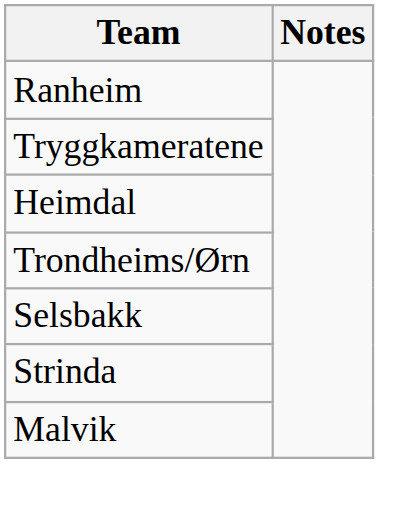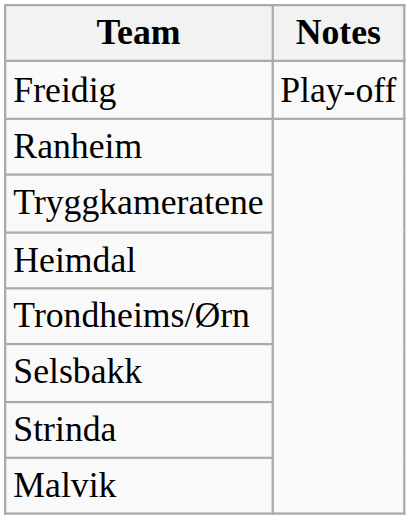 <table class="wikitable">
 <tr>
 <th>Team</th>
 <th>Notes</th>
+</tr>
+<tr>
+<td>Freidig</td>
+<td>Play-off</td>
 </tr>
 <tr>
 <td>Ranheim</td>
 </tr>
 <tr>
 <td>Tryggkameratene</td>
 </tr>
 <tr>
 <td>Heimdal</td>
 </tr>
 <tr>
 <td>Trondheims/Ørn</td>
 </tr>
 <tr>
 <td>Selsbakk</td>
 </tr>
 <tr>
 <td>Strinda</td>
 </tr>
 <tr>
 <td>Malvik</td>
 </tr>
 </table>
